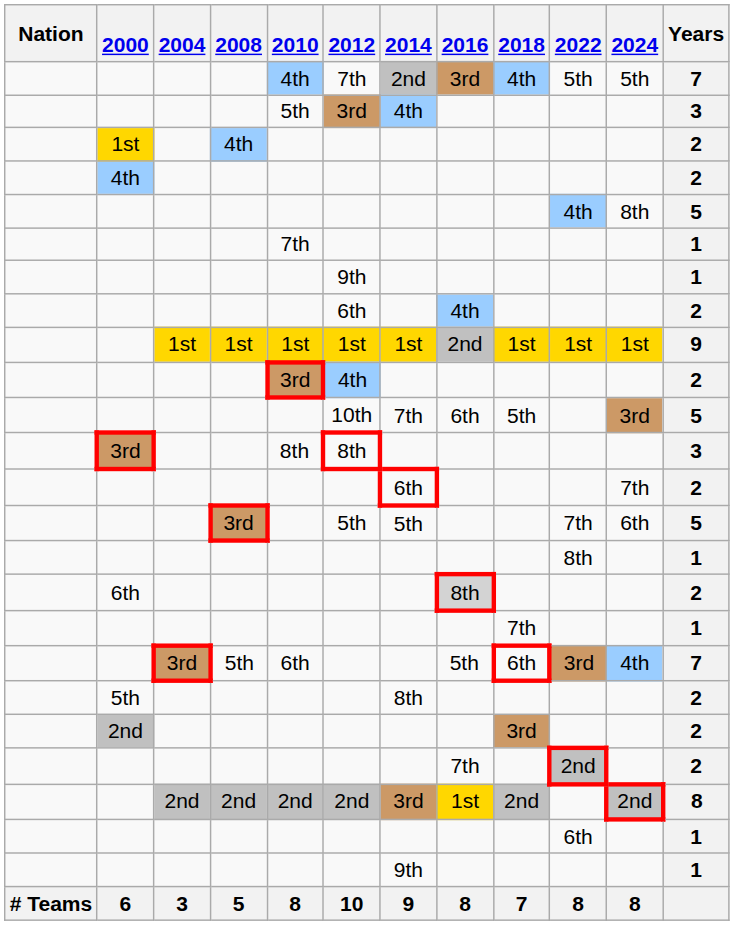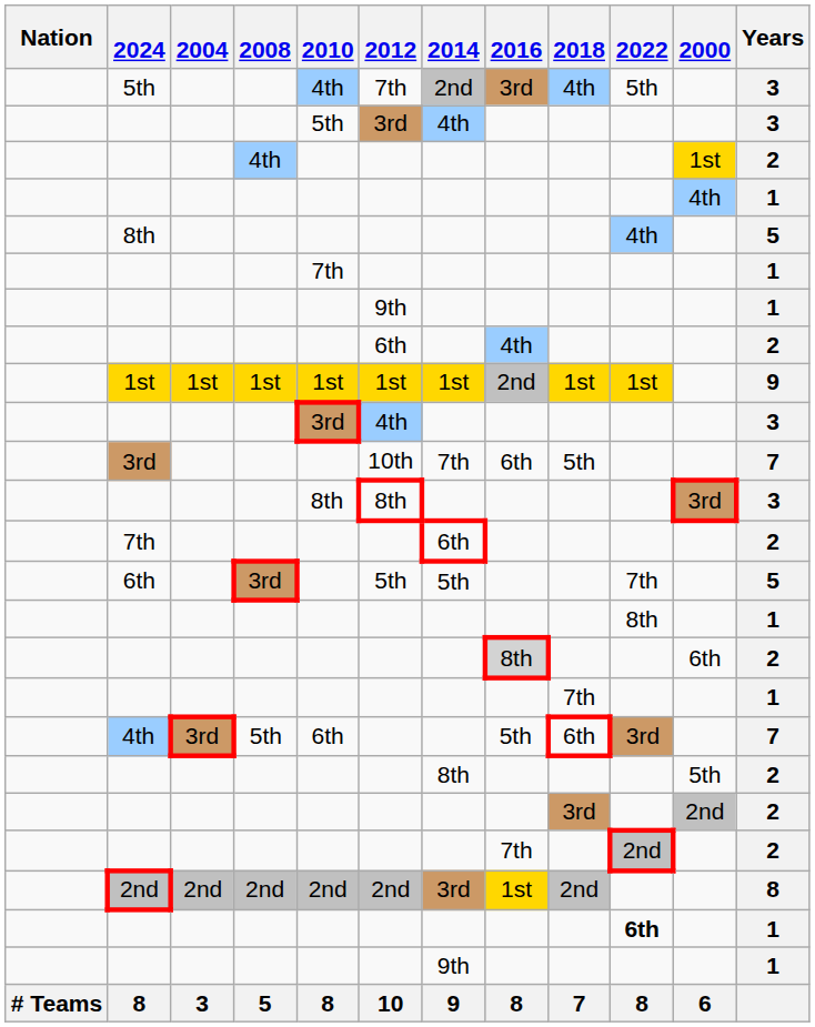 <table class="wikitable" style="text-align:center; font-size:90%">
 <tr>
 <th>Nation</th>
-<th><br><a href='#'>2000</a></th>
+<th><br><a href='#'>2024</a></th>
 <th><br><a href='#'>2004</a></th>
 <th><br><a href='#'>2008</a></th>
 <th><br><a href='#'>2010</a></th>
 <th><br><a href='#'>2012</a></th>
 <th><br><a href='#'>2014</a></th>
 <th><br><a href='#'>2016</a></th>
 <th><br><a href='#'>2018</a></th>
 <th><br><a href='#'>2022</a></th>
-<th><br><a href='#'>2024</a></th>
+<th><br><a href='#'>2000</a></th>
 <th>Years</th>
 </tr>
 <tr>
 <td align=left></td>
-<td></td>
+<td>5th</td>
 <td></td>
 <td></td>
 <td bgcolor=9acdff>4th</td>
 <td>7th</td>
 <td bgcolor=silver>2nd</td>
 <td bgcolor=cc9966>3rd</td>
 <td bgcolor=9acdff>4th</td>
 <td>5th</td>
-<td>5th</td>
-<th>7</th>
+<td></td>
+<th>3</th>
 </tr>
 <tr>
 <td align=left></td>
 <td></td>
 <td></td>
 <td></td>
 <td>5th</td>
 <td bgcolor=cc9966>3rd</td>
 <td bgcolor=9acdff>4th</td>
 <td></td>
 <td></td>
 <td></td>
 <td></td>
 <th>3</th>
 </tr>
 <tr>
 <td align=left></td>
-<td bgcolor=gold>1st</td>
+<td></td>
 <td></td>
 <td bgcolor=9acdff>4th</td>
 <td></td>
 <td></td>
 <td></td>
 <td></td>
 <td></td>
 <td></td>
-<td></td>
-<th>2</th>
-</tr>
-<tr>
-<td align=left></td>
-<td bgcolor=9acdff>4th</td>
-<td></td>
-<td></td>
-<td></td>
-<td></td>
-<td></td>
-<td></td>
-<td></td>
-<td></td>
-<td></td>
+<td bgcolor=gold>1st</td>
 <th>2</th>
 </tr>
 <tr>
 <td align=left></td>
 <td></td>
 <td></td>
 <td></td>
 <td></td>
 <td></td>
 <td></td>
 <td></td>
 <td></td>
+<td></td>
 <td bgcolor=9acdff>4th</td>
+<th>1</th>
+</tr>
+<tr>
+<td align=left></td>
 <td>8th</td>
+<td></td>
+<td></td>
+<td></td>
+<td></td>
+<td></td>
+<td></td>
+<td></td>
+<td bgcolor=9acdff>4th</td>
+<td></td>
 <th>5</th>
 </tr>
 <tr>
 <td align=left></td>
 <td></td>
 <td></td>
 <td></td>
 <td>7th</td>
 <td></td>
 <td></td>
 <td></td>
 <td></td>
 <td></td>
 <td></td>
 <th>1</th>
 </tr>
 <tr>
 <td align=left></td>
 <td></td>
 <td></td>
 <td></td>
 <td></td>
 <td>9th</td>
 <td></td>
 <td></td>
 <td></td>
 <td></td>
 <td></td>
 <th>1</th>
 </tr>
 <tr>
 <td align=left></td>
 <td></td>
 <td></td>
 <td></td>
 <td></td>
 <td>6th</td>
 <td></td>
 <td bgcolor=9acdff>4th</td>
 <td></td>
 <td></td>
 <td></td>
 <th>2</th>
 </tr>
 <tr>
 <td align=left></td>
-<td></td>
+<td bgcolor=gold>1st</td>
 <td bgcolor=gold>1st</td>
 <td bgcolor=gold>1st</td>
 <td bgcolor=gold>1st</td>
 <td bgcolor=gold>1st</td>
 <td bgcolor=gold>1st</td>
 <td bgcolor=silver>2nd</td>
 <td bgcolor=gold>1st</td>
 <td bgcolor=gold>1st</td>
-<td bgcolor=gold>1st</td>
+<td></td>
 <th>9</th>
 </tr>
 <tr>
 <td align=left></td>
 <td></td>
 <td></td>
 <td></td>
 <td style="border:3px solid red" bgcolor=#cc9966>3rd</td>
 <td bgcolor=9acdff>4th</td>
 <td></td>
 <td></td>
 <td></td>
 <td></td>
 <td></td>
-<th>2</th>
+<th>3</th>
 </tr>
 <tr>
 <td align=left></td>
-<td></td>
+<td bgcolor=cc9966>3rd</td>
 <td></td>
 <td></td>
 <td></td>
 <td>10th</td>
 <td>7th</td>
 <td>6th</td>
 <td>5th</td>
 <td></td>
-<td bgcolor=cc9966>3rd</td>
-<th>5</th>
+<td></td>
+<th>7</th>
 </tr>
 <tr>
 <td align=left></td>
-<td style="border:3px solid red" bgcolor=cc9966>3rd</td>
+<td></td>
 <td></td>
 <td></td>
 <td>8th</td>
 <td style="border:3px solid red">8th</td>
 <td></td>
 <td></td>
 <td></td>
 <td></td>
-<td></td>
+<td style="border:3px solid red" bgcolor=cc9966>3rd</td>
 <th>3</th>
 </tr>
 <tr>
 <td align=left></td>
-<td></td>
+<td>7th</td>
 <td></td>
 <td></td>
 <td></td>
 <td></td>
 <td style="border:3px solid red">6th</td>
 <td></td>
 <td></td>
 <td></td>
-<td>7th</td>
+<td></td>
 <th>2</th>
 </tr>
 <tr>
 <td align=left></td>
-<td></td>
+<td>6th</td>
 <td></td>
 <td style="border:3px solid red" bgcolor=cc9966>3rd</td>
 <td></td>
 <td>5th</td>
 <td>5th</td>
 <td></td>
 <td></td>
 <td>7th</td>
-<td>6th</td>
+<td></td>
 <th>5</th>
 </tr>
 <tr>
 <td align=left></td>
 <td></td>
 <td></td>
 <td></td>
 <td></td>
 <td></td>
 <td></td>
 <td></td>
 <td></td>
 <td>8th</td>
 <td></td>
 <th>1</th>
 </tr>
 <tr>
 <td align=left></td>
-<td>6th</td>
+<td></td>
 <td></td>
 <td></td>
 <td></td>
 <td></td>
 <td></td>
 <td style="background: lightgrey; border:3px solid red">8th</td>
 <td></td>
 <td></td>
-<td></td>
+<td>6th</td>
 <th>2</th>
 </tr>
 <tr>
 <td align=left></td>
 <td></td>
 <td></td>
 <td></td>
 <td></td>
 <td></td>
 <td></td>
 <td></td>
 <td>7th</td>
 <td></td>
 <td></td>
 <th>1</th>
 </tr>
 <tr>
 <td align=left></td>
-<td></td>
+<td bgcolor=9acdff>4th</td>
 <td style="border:3px solid red" bgcolor=cc9966>3rd</td>
 <td>5th</td>
 <td>6th</td>
 <td></td>
 <td></td>
 <td>5th</td>
 <td style="border:3px solid red">6th</td>
 <td bgcolor=cc9966>3rd</td>
-<td bgcolor=9acdff>4th</td>
+<td></td>
 <th>7</th>
 </tr>
 <tr>
 <td align=left></td>
-<td>5th</td>
+<td></td>
 <td></td>
 <td></td>
 <td></td>
 <td></td>
 <td>8th</td>
 <td></td>
 <td></td>
 <td></td>
-<td></td>
+<td>5th</td>
 <th>2</th>
 </tr>
 <tr>
 <td align=left></td>
-<td bgcolor=silver>2nd</td>
+<td></td>
 <td></td>
 <td></td>
 <td></td>
 <td></td>
 <td></td>
 <td></td>
 <td bgcolor=cc9966>3rd</td>
 <td></td>
-<td></td>
+<td bgcolor=silver>2nd</td>
 <th>2</th>
 </tr>
 <tr>
 <td align=left></td>
 <td></td>
 <td></td>
 <td></td>
 <td></td>
 <td></td>
 <td></td>
 <td>7th</td>
 <td></td>
 <td style="border:3px solid red" bgcolor=silver>2nd</td>
 <td></td>
 <th>2</th>
 </tr>
 <tr>
 <td align=left></td>
-<td></td>
+<td style="border:3px solid red" bgcolor=silver>2nd</td>
 <td bgcolor=silver>2nd</td>
 <td bgcolor=silver>2nd</td>
 <td bgcolor=silver>2nd</td>
 <td bgcolor=silver>2nd</td>
 <td bgcolor=cc9966>3rd</td>
 <td bgcolor=gold>1st</td>
 <td bgcolor=silver>2nd</td>
 <td></td>
-<td style="border:3px solid red" bgcolor=silver>2nd</td>
+<td></td>
 <th>8</th>
 </tr>
 <tr>
 <td align=left></td>
 <td></td>
 <td></td>
 <td></td>
 <td></td>
 <td></td>
 <td></td>
 <td></td>
 <td></td>
-<td>6th</td>
+<td><strong>6th</strong></td>
 <td></td>
 <th>1</th>
 </tr>
 <tr>
 <td align=left></td>
 <td></td>
 <td></td>
 <td></td>
 <td></td>
 <td></td>
 <td>9th</td>
 <td></td>
 <td></td>
 <td></td>
 <td></td>
 <th>1</th>
 </tr>
 <tr>
 <th># Teams</th>
-<th>6</th>
+<th>8</th>
 <th>3</th>
 <th>5</th>
 <th>8</th>
 <th>10</th>
 <th>9</th>
 <th>8</th>
 <th>7</th>
 <th>8</th>
-<th>8</th>
+<th>6</th>
 <th></th>
 </tr>
 </table>
